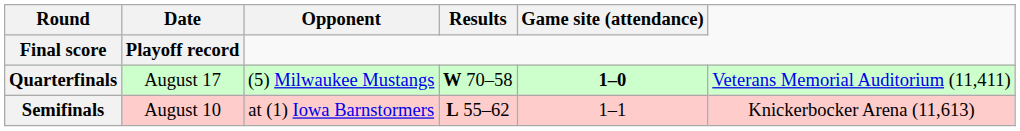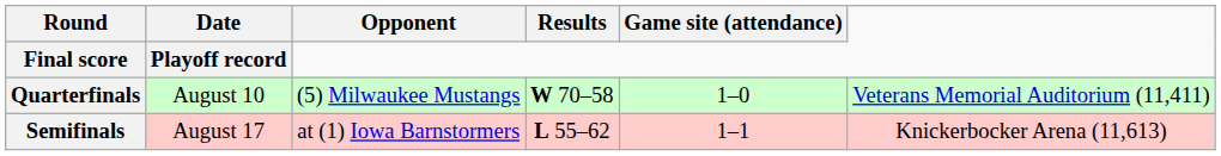 <table class="wikitable" style="font-size: 92%;" "align=center">
 <tr>
 <th>Round</th>
 <th>Date</th>
 <th>Opponent</th>
 <th>Results</th>
 <th>Game site (attendance)</th>
 </tr>
 <tr>
 <th>Final score</th>
 <th>Playoff record</th>
 </tr>
 <tr style="background:#cfc">
 <th>Quarterfinals</th>
-<td style="text-align:center;">August 17</td>
+<td style="text-align:center;">August 10</td>
 <td style="text-align:center;">(5) <a href='#'>Milwaukee Mustangs</a></td>
 <td style="text-align:center;"><strong>W</strong> 70–58</td>
-<td style="text-align:center;"><strong>1–0</strong></td>
+<td style="text-align:center;">1–0</td>
 <td style="text-align:center;"><a href='#'>Veterans Memorial Auditorium</a> (11,411)</td>
 </tr>
 <tr style="background:#fcc">
 <th>Semifinals</th>
-<td style="text-align:center;">August 10</td>
+<td style="text-align:center;">August 17</td>
 <td style="text-align:center;">at (1) <a href='#'>Iowa Barnstormers</a></td>
 <td style="text-align:center;"><strong>L</strong> 55–62</td>
 <td style="text-align:center;">1–1</td>
 <td style="text-align:center;">Knickerbocker Arena (11,613)</td>
 </tr>
 </table>
